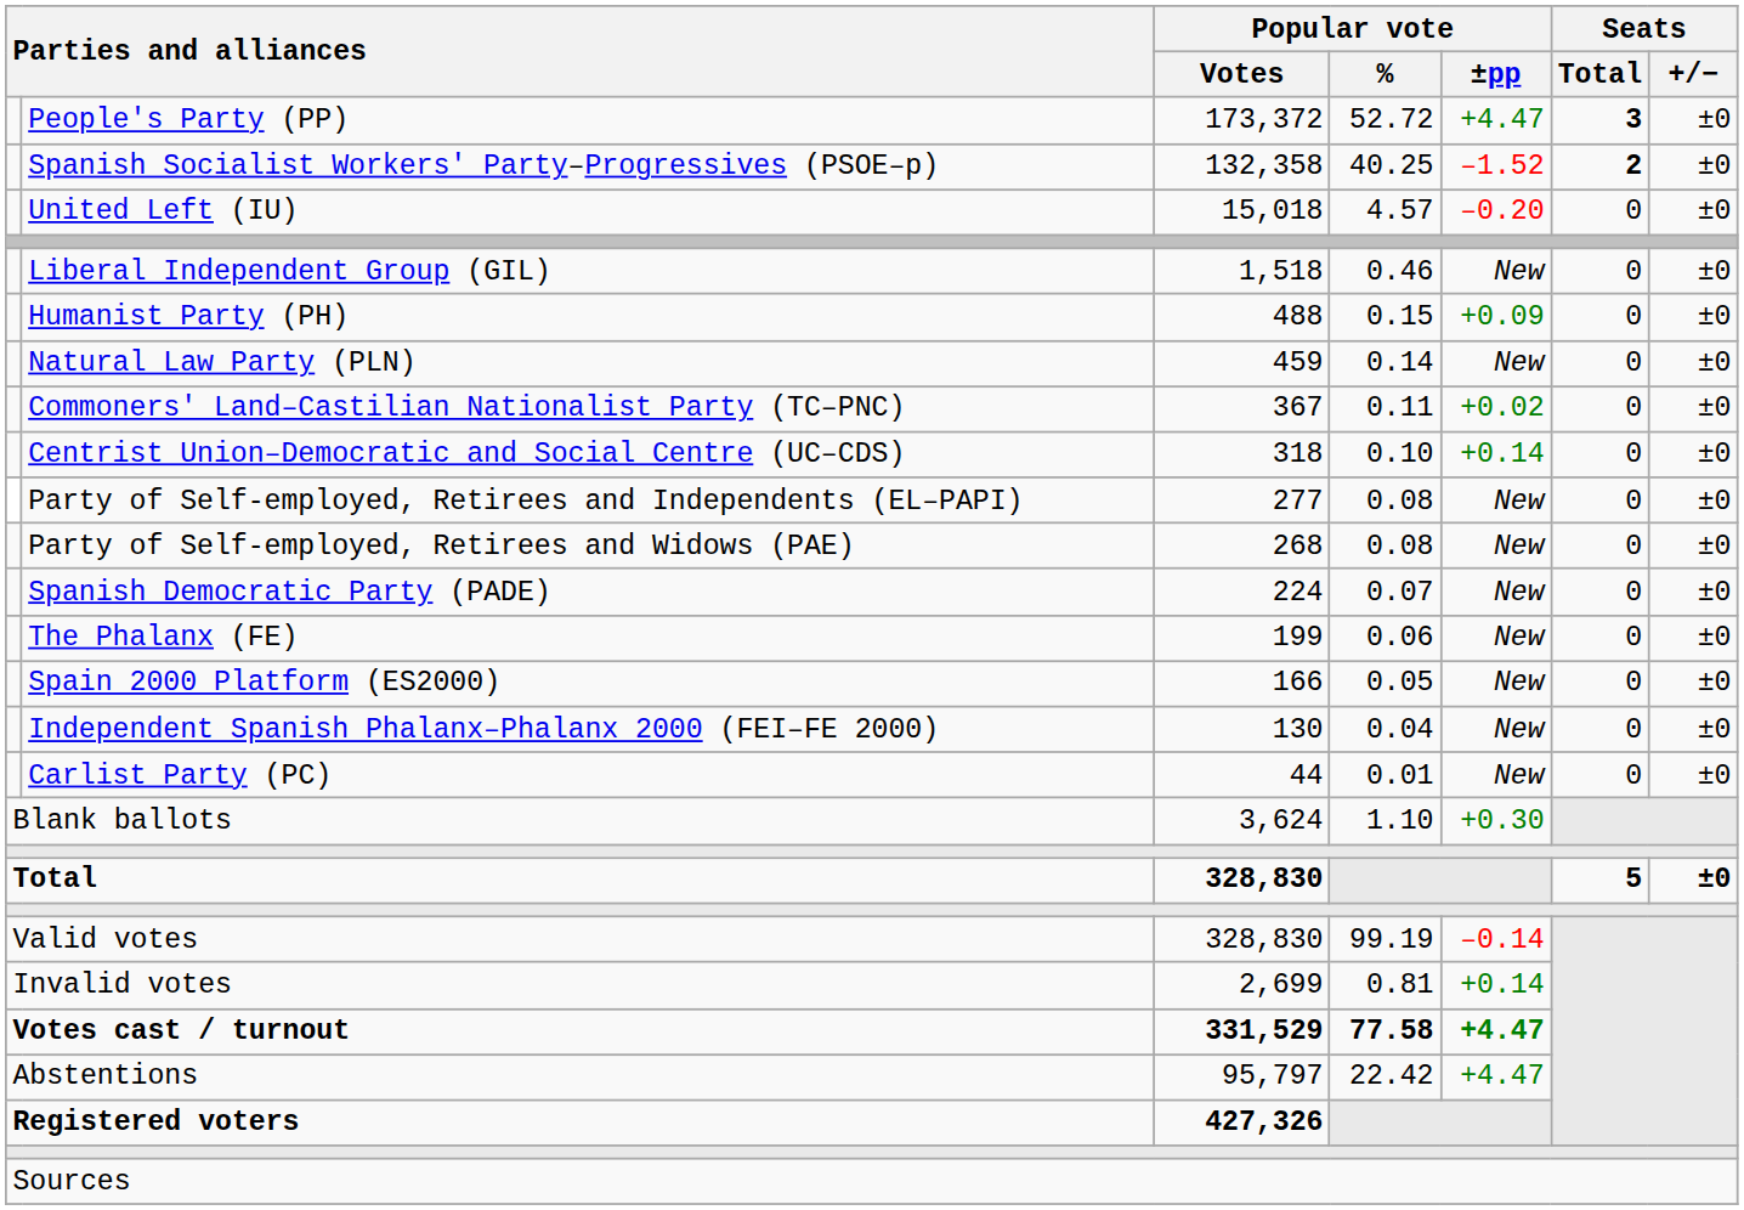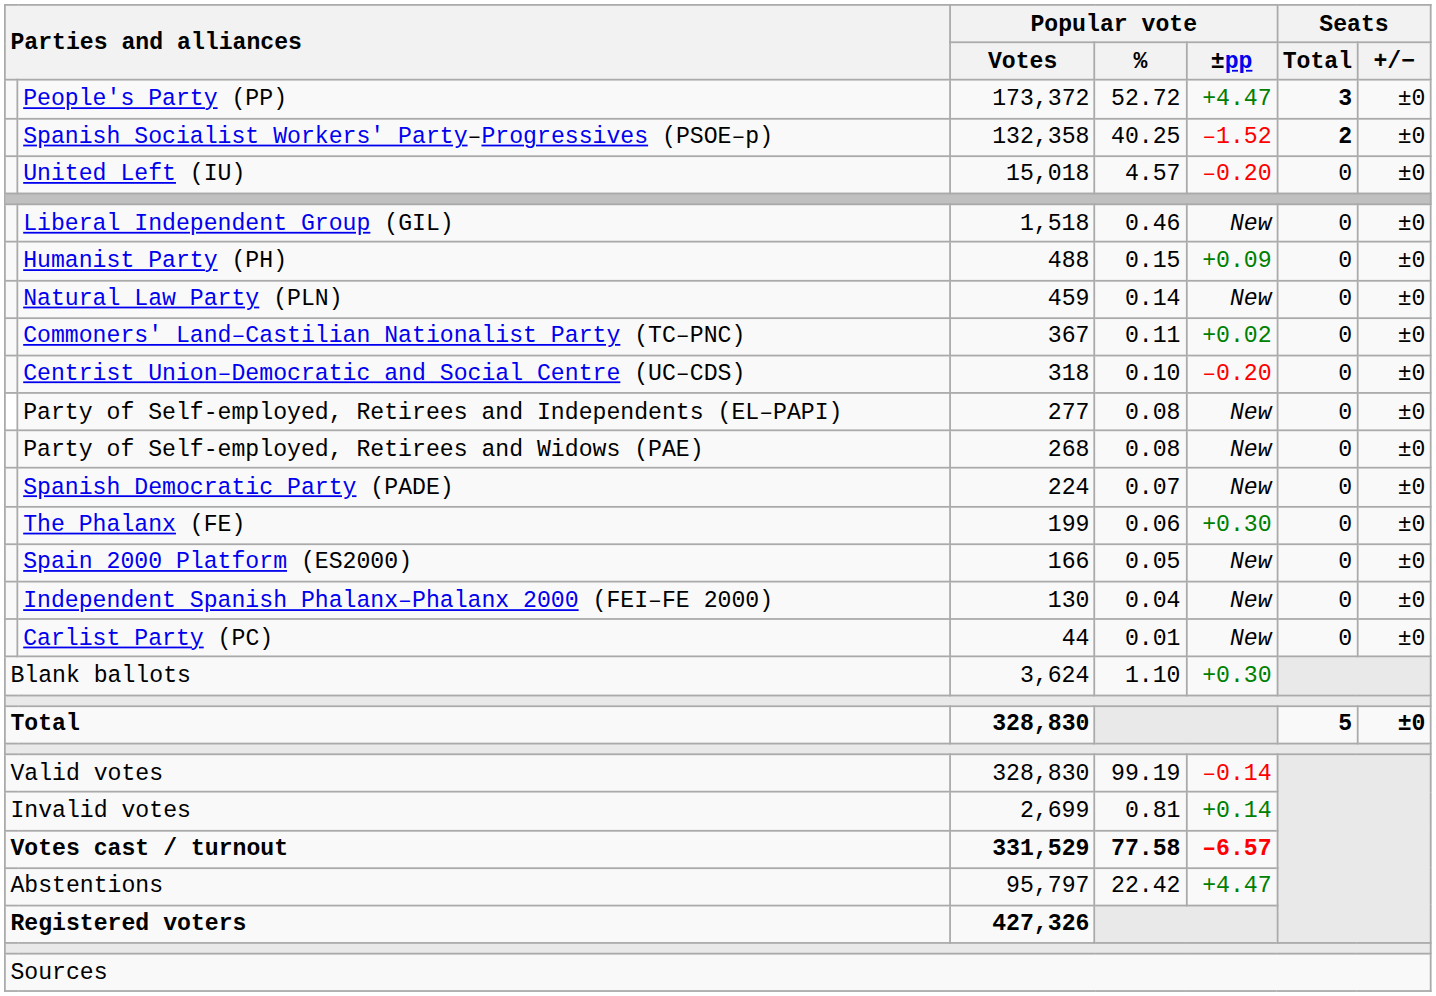 <table class="wikitable" style="text-align:right;">
 <tr>
 <th style="text-align:left;" rowspan="2" colspan="2" width="525">Parties and alliances</th>
 <th colspan="3">Popular vote</th>
 <th colspan="2">Seats</th>
 </tr>
 <tr>
 <th width="75">Votes</th>
 <th width="45">%</th>
 <th width="45">±<a href='#'>pp</a></th>
 <th width="35">Total</th>
 <th width="35">+/−</th>
 </tr>
 <tr>
 <td width="1" style="color:inherit;background:"></td>
 <td align="left"><a href='#'>People's Party</a> (PP)</td>
 <td>173,372</td>
 <td>52.72</td>
 <td style="color:green;">+4.47</td>
 <td><strong>3</strong></td>
 <td>±0</td>
 </tr>
 <tr>
 <td style="color:inherit;background:"></td>
 <td align="left"><a href='#'>Spanish Socialist Workers' Party</a>–<a href='#'>Progressives</a> (PSOE–p)</td>
 <td>132,358</td>
 <td>40.25</td>
 <td style="color:red;">–1.52</td>
 <td><strong>2</strong></td>
 <td>±0</td>
 </tr>
 <tr>
 <td style="color:inherit;background:"></td>
 <td align="left"><a href='#'>United Left</a> (IU)</td>
 <td>15,018</td>
 <td>4.57</td>
 <td style="color:red;">–0.20</td>
 <td>0</td>
 <td>±0</td>
 </tr>
 <tr>
 <td colspan="7" bgcolor="#C0C0C0"></td>
 </tr>
 <tr>
 <td style="color:inherit;background:"></td>
 <td align="left"><a href='#'>Liberal Independent Group</a> (GIL)</td>
 <td>1,518</td>
 <td>0.46</td>
 <td><em>New</em></td>
 <td>0</td>
 <td>±0</td>
 </tr>
 <tr>
 <td style="color:inherit;background:"></td>
 <td align="left"><a href='#'>Humanist Party</a> (PH)</td>
 <td>488</td>
 <td>0.15</td>
 <td style="color:green;">+0.09</td>
 <td>0</td>
 <td>±0</td>
 </tr>
 <tr>
 <td style="color:inherit;background:"></td>
 <td align="left"><a href='#'>Natural Law Party</a> (PLN)</td>
 <td>459</td>
 <td>0.14</td>
 <td><em>New</em></td>
 <td>0</td>
 <td>±0</td>
 </tr>
 <tr>
 <td style="color:inherit;background:"></td>
 <td align="left"><a href='#'>Commoners' Land–Castilian Nationalist Party</a> (TC–PNC)</td>
 <td>367</td>
 <td>0.11</td>
 <td style="color:green;">+0.02</td>
 <td>0</td>
 <td>±0</td>
 </tr>
 <tr>
 <td style="color:inherit;background:"></td>
 <td align="left"><a href='#'>Centrist Union–Democratic and Social Centre</a> (UC–CDS)</td>
 <td>318</td>
 <td>0.10</td>
-<td style="color:green;">+0.14</td>
+<td style="color:red;">–0.20</td>
 <td>0</td>
 <td>±0</td>
 </tr>
 <tr>
 <td bgcolor="white"></td>
 <td align="left">Party of Self-employed, Retirees and Independents (EL–PAPI)</td>
 <td>277</td>
 <td>0.08</td>
 <td><em>New</em></td>
 <td>0</td>
 <td>±0</td>
 </tr>
 <tr>
 <td style="color:inherit;background:"></td>
 <td align="left">Party of Self-employed, Retirees and Widows (PAE)</td>
 <td>268</td>
 <td>0.08</td>
 <td><em>New</em></td>
 <td>0</td>
 <td>±0</td>
 </tr>
 <tr>
 <td style="color:inherit;background:"></td>
 <td align="left"><a href='#'>Spanish Democratic Party</a> (PADE)</td>
 <td>224</td>
 <td>0.07</td>
 <td><em>New</em></td>
 <td>0</td>
 <td>±0</td>
 </tr>
 <tr>
 <td style="color:inherit;background:"></td>
 <td align="left"><a href='#'>The Phalanx</a> (FE)</td>
 <td>199</td>
 <td>0.06</td>
-<td><em>New</em></td>
+<td style="color:green;">+0.30</td>
 <td>0</td>
 <td>±0</td>
 </tr>
 <tr>
 <td style="color:inherit;background:"></td>
 <td align="left"><a href='#'>Spain 2000 Platform</a> (ES2000)</td>
 <td>166</td>
 <td>0.05</td>
 <td><em>New</em></td>
 <td>0</td>
 <td>±0</td>
 </tr>
 <tr>
 <td style="color:inherit;background:"></td>
 <td align="left"><a href='#'>Independent Spanish Phalanx–Phalanx 2000</a> (FEI–FE 2000)</td>
 <td>130</td>
 <td>0.04</td>
 <td><em>New</em></td>
 <td>0</td>
 <td>±0</td>
 </tr>
 <tr>
 <td style="color:inherit;background:"></td>
 <td align="left"><a href='#'>Carlist Party</a> (PC)</td>
 <td>44</td>
 <td>0.01</td>
 <td><em>New</em></td>
 <td>0</td>
 <td>±0</td>
 </tr>
 <tr>
 <td align="left" colspan="2">Blank ballots</td>
 <td>3,624</td>
 <td>1.10</td>
 <td style="color:green;">+0.30</td>
 <td bgcolor="#E9E9E9" colspan="2"></td>
 </tr>
 <tr>
 <td colspan="7" bgcolor="#E9E9E9"></td>
 </tr>
 <tr style="font-weight:bold;">
 <td align="left" colspan="2">Total</td>
 <td>328,830</td>
 <td bgcolor="#E9E9E9" colspan="2"></td>
 <td>5</td>
 <td>±0</td>
 </tr>
 <tr>
 <td colspan="7" bgcolor="#E9E9E9"></td>
 </tr>
 <tr>
 <td align="left" colspan="2">Valid votes</td>
 <td>328,830</td>
 <td>99.19</td>
 <td style="color:red;">–0.14</td>
 <td bgcolor="#E9E9E9" colspan="2" rowspan="5"></td>
 </tr>
 <tr>
 <td align="left" colspan="2">Invalid votes</td>
 <td>2,699</td>
 <td>0.81</td>
 <td style="color:green;">+0.14</td>
 </tr>
 <tr style="font-weight:bold;">
 <td align="left" colspan="2">Votes cast / turnout</td>
 <td>331,529</td>
 <td>77.58</td>
-<td style="color:green;">+4.47</td>
+<td style="color:red;">–6.57</td>
 </tr>
 <tr>
 <td align="left" colspan="2">Abstentions</td>
 <td>95,797</td>
 <td>22.42</td>
 <td style="color:green;">+4.47</td>
 </tr>
 <tr style="font-weight:bold;">
 <td align="left" colspan="2">Registered voters</td>
 <td>427,326</td>
 <td bgcolor="#E9E9E9" colspan="2"></td>
 </tr>
 <tr>
 <td colspan="7" bgcolor="#E9E9E9"></td>
 </tr>
 <tr>
 <td align="left" colspan="7">Sources</td>
 </tr>
 </table>
